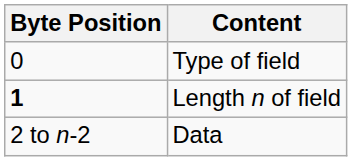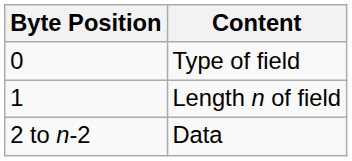 <table class="wikitable">
 <tr - class="hintergrundfarbe6">
 <th>Byte Position</th>
 <th>Content</th>
 </tr>
 <tr>
 <td>0</td>
 <td>Type of field</td>
 </tr>
 <tr>
-<td><strong>1</strong></td>
+<td>1</td>
 <td>Length <em>n</em> of field</td>
 </tr>
 <tr>
 <td>2 to <em>n</em>-2</td>
 <td>Data</td>
 </tr>
 </table>
